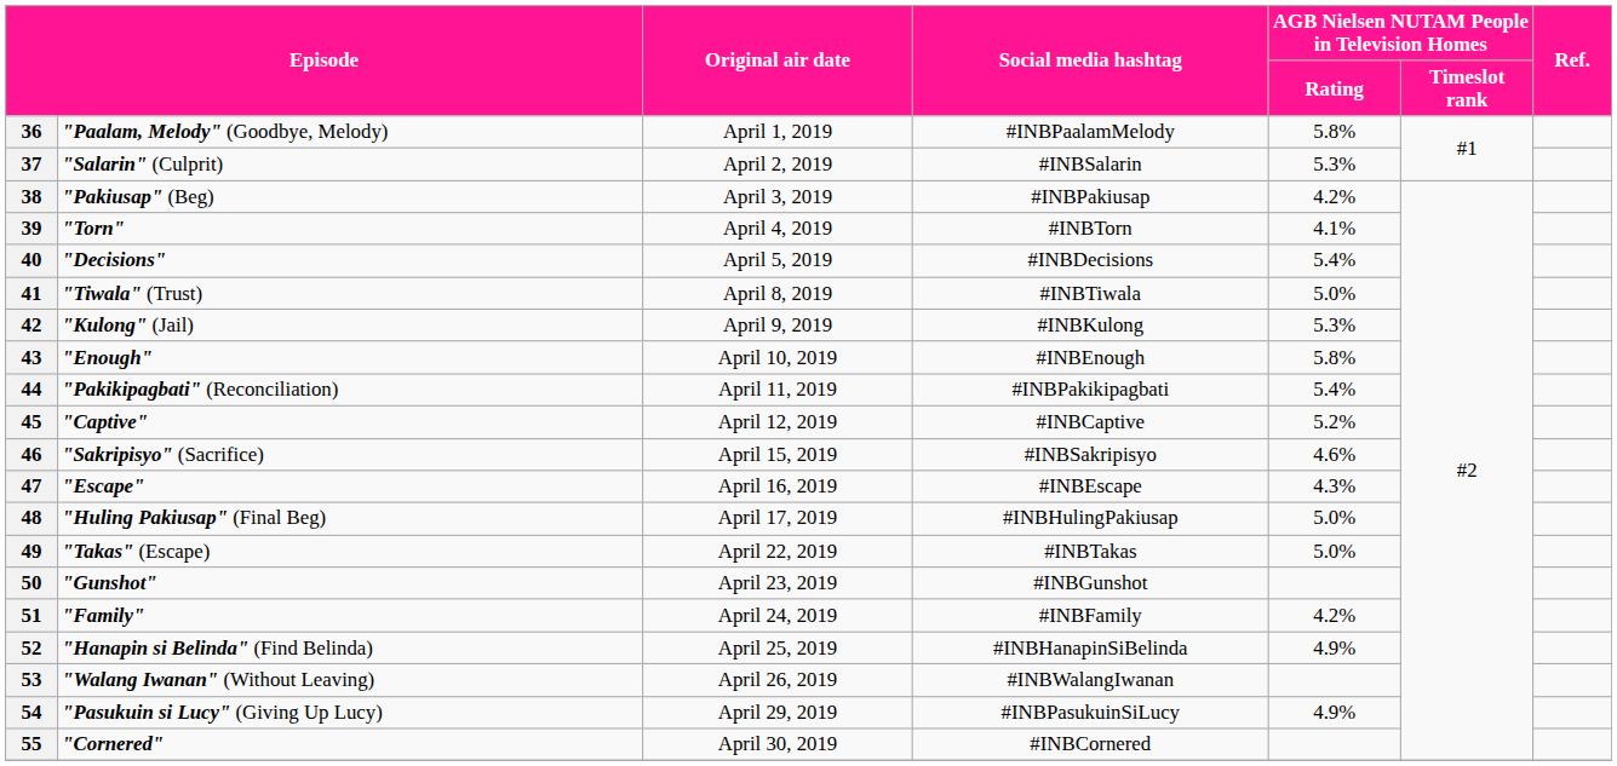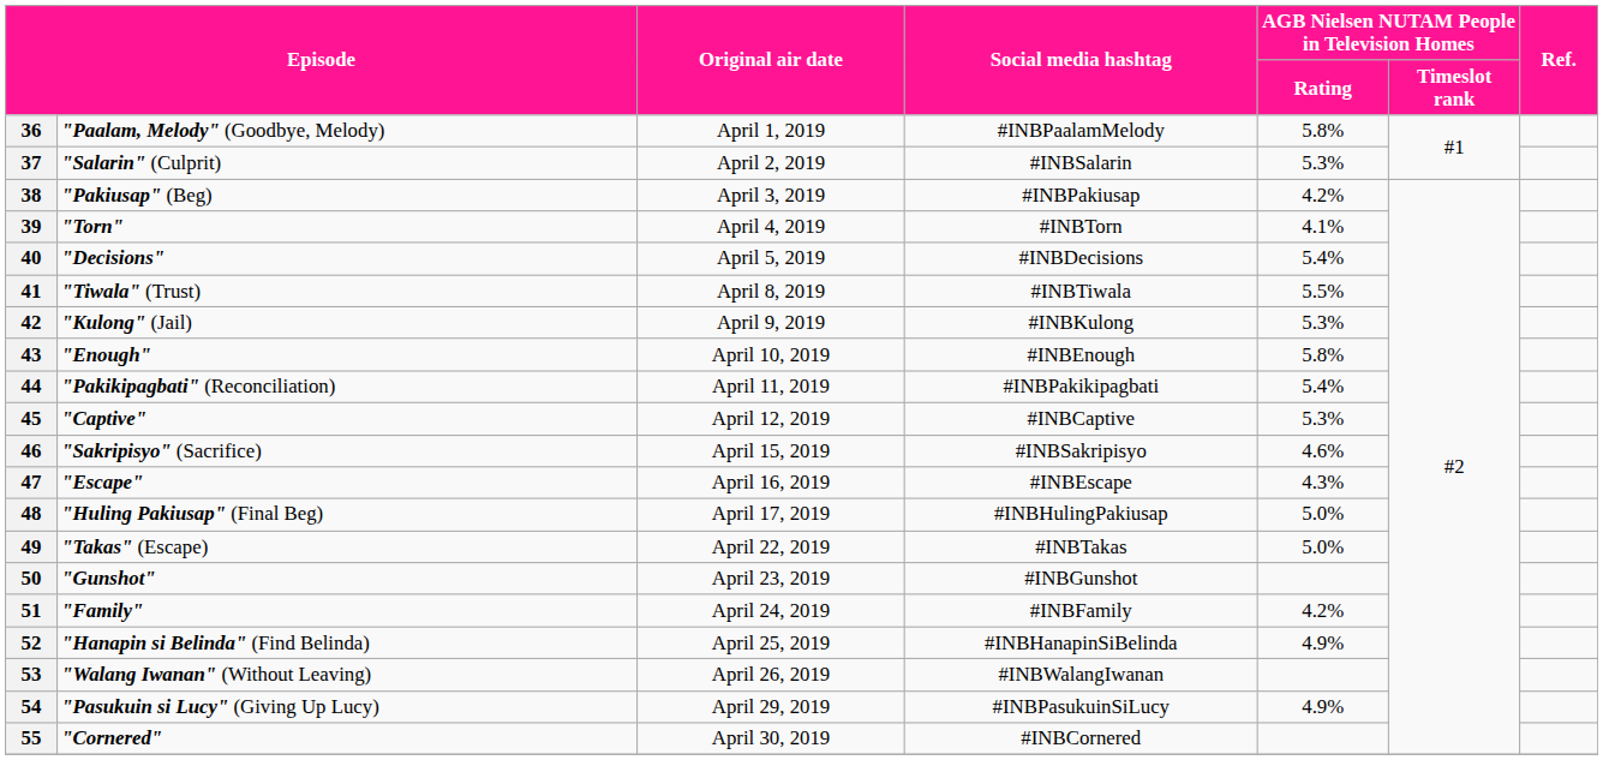 <table class="wikitable" style="text-align:center; font-size:100%; line-height:18px;" width="100%">
 <tr>
 <th style="background-color:#FF1493; color:#ffffff;" colspan="2" rowspan="2">Episode</th>
 <th style="background-color:#FF1493; color:white" rowspan="2">Original air date</th>
 <th style="background-color:#FF1493; color:white" rowspan="2">Social media hashtag</th>
 <th style="background-color:#FF1493; color:#ffffff;" colspan="2">AGB Nielsen NUTAM People in Television Homes</th>
 <th style="background-color:#FF1493;  color:#ffffff;" rowspan="2">Ref.</th>
 </tr>
 <tr>
 <th style="background-color:#FF1493; width:75px; color:#ffffff;">Rating</th>
 <th style="background-color:#FF1493;  width:75px; color:#ffffff;">Timeslot<br>rank</th>
 </tr>
 <tr>
 <th>36</th>
 <td style="text-align: left;"><strong><em>"Paalam, Melody"</em></strong> (Goodbye, Melody)</td>
 <td>April 1, 2019</td>
 <td>#INBPaalamMelody</td>
 <td>5.8%</td>
 <td rowspan="2">#1</td>
 <td></td>
 </tr>
 <tr>
 <th>37</th>
 <td style="text-align: left;"><strong><em>"Salarin"</em></strong> (Culprit)</td>
 <td>April 2, 2019</td>
 <td>#INBSalarin</td>
 <td>5.3%</td>
 <td></td>
 </tr>
 <tr>
 <th>38</th>
 <td style="text-align: left;"><strong><em>"Pakiusap"</em></strong> (Beg)</td>
 <td>April 3, 2019</td>
 <td>#INBPakiusap</td>
 <td>4.2%</td>
 <td rowspan="18">#2</td>
 <td></td>
 </tr>
 <tr>
 <th>39</th>
 <td style="text-align: left;"><strong><em>"Torn"</em></strong></td>
 <td>April 4, 2019</td>
 <td>#INBTorn</td>
 <td>4.1%</td>
 <td></td>
 </tr>
 <tr>
 <th>40</th>
 <td style="text-align: left;"><strong><em>"Decisions"</em></strong></td>
 <td>April 5, 2019</td>
 <td>#INBDecisions</td>
 <td>5.4%</td>
 <td></td>
 </tr>
 <tr>
 <th>41</th>
 <td style="text-align: left;"><strong><em>"Tiwala"</em></strong> (Trust)</td>
 <td>April 8, 2019</td>
 <td>#INBTiwala</td>
-<td>5.0%</td>
+<td>5.5%</td>
 <td></td>
 </tr>
 <tr>
 <th>42</th>
 <td style="text-align: left;"><strong><em>"Kulong"</em></strong> (Jail)</td>
 <td>April 9, 2019</td>
 <td>#INBKulong</td>
 <td>5.3%</td>
 <td></td>
 </tr>
 <tr>
 <th>43</th>
 <td style="text-align: left;"><strong><em>"Enough"</em></strong></td>
 <td>April 10, 2019</td>
 <td>#INBEnough</td>
 <td>5.8%</td>
 <td></td>
 </tr>
 <tr>
 <th>44</th>
 <td style="text-align: left;"><strong><em>"Pakikipagbati"</em></strong> (Reconciliation)</td>
 <td>April 11, 2019</td>
 <td>#INBPakikipagbati</td>
 <td>5.4%</td>
 <td></td>
 </tr>
 <tr>
 <th>45</th>
 <td style="text-align: left;"><strong><em>"Captive"</em></strong></td>
 <td>April 12, 2019</td>
 <td>#INBCaptive</td>
-<td>5.2%</td>
+<td>5.3%</td>
 <td></td>
 </tr>
 <tr>
 <th>46</th>
 <td style="text-align: left;"><strong><em>"Sakripisyo"</em></strong> (Sacrifice)</td>
 <td>April 15, 2019</td>
 <td>#INBSakripisyo</td>
 <td>4.6%</td>
 <td></td>
 </tr>
 <tr>
 <th>47</th>
 <td style="text-align: left;"><strong><em>"Escape"</em></strong></td>
 <td>April 16, 2019</td>
 <td>#INBEscape</td>
 <td>4.3%</td>
 <td></td>
 </tr>
 <tr>
 <th>48</th>
 <td style="text-align: left;"><strong><em>"Huling Pakiusap"</em></strong> (Final Beg)</td>
 <td>April 17, 2019</td>
 <td>#INBHulingPakiusap</td>
 <td>5.0%</td>
 <td></td>
 </tr>
 <tr>
 <th>49</th>
 <td style="text-align: left;"><strong><em>"Takas"</em></strong> (Escape)</td>
 <td>April 22, 2019</td>
 <td>#INBTakas</td>
 <td>5.0%</td>
 <td></td>
 </tr>
 <tr>
 <th>50</th>
 <td style="text-align: left;"><strong><em>"Gunshot"</em></strong></td>
 <td>April 23, 2019</td>
 <td>#INBGunshot</td>
 <td></td>
 <td></td>
 </tr>
 <tr>
 <th>51</th>
 <td style="text-align: left;"><strong><em>"Family"</em></strong></td>
 <td>April 24, 2019</td>
 <td>#INBFamily</td>
 <td>4.2%</td>
 <td></td>
 </tr>
 <tr>
 <th>52</th>
 <td style="text-align: left;"><strong><em>"Hanapin si Belinda"</em></strong> (Find Belinda)</td>
 <td>April 25, 2019</td>
 <td>#INBHanapinSiBelinda</td>
 <td>4.9%</td>
 <td></td>
 </tr>
 <tr>
 <th>53</th>
 <td style="text-align: left;"><strong><em>"Walang Iwanan"</em></strong> (Without Leaving)</td>
 <td>April 26, 2019</td>
 <td>#INBWalangIwanan</td>
 <td></td>
 <td></td>
 </tr>
 <tr>
 <th>54</th>
 <td style="text-align: left;"><strong><em>"Pasukuin si Lucy"</em></strong> (Giving Up Lucy)</td>
 <td>April 29, 2019</td>
 <td>#INBPasukuinSiLucy</td>
 <td>4.9%</td>
 <td></td>
 </tr>
 <tr>
 <th>55</th>
 <td style="text-align: left;"><strong><em>"Cornered"</em></strong></td>
 <td>April 30, 2019</td>
 <td>#INBCornered</td>
 <td></td>
 <td></td>
 </tr>
 <tr>
 </tr>
 </table>
